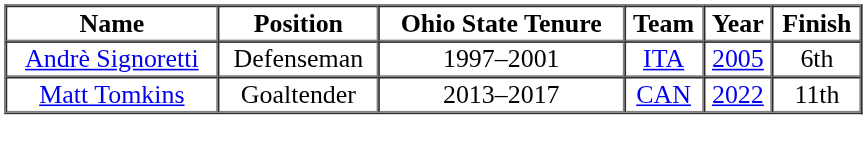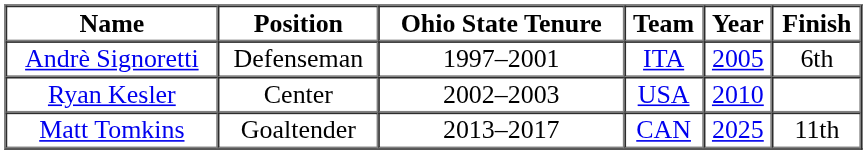 <table cellpadding="1" border="1" cellspacing="0" width="60%">
 <tr>
 <th>Name</th>
 <th>Position</th>
 <th>Ohio State Tenure</th>
 <th>Team</th>
 <th>Year</th>
 <th>Finish</th>
 </tr>
 <tr align="center">
 <td><a href='#'>Andrè Signoretti</a></td>
 <td>Defenseman</td>
 <td>1997–2001</td>
 <td> <a href='#'>ITA</a></td>
 <td><a href='#'>2005</a></td>
 <td>6th</td>
 </tr>
 <tr align="center">
+<td><a href='#'>Ryan Kesler</a></td>
+<td>Center</td>
+<td>2002–2003</td>
+<td> <a href='#'>USA</a></td>
+<td><a href='#'>2010</a></td>
+<td></td>
+</tr>
+<tr align="center">
 <td><a href='#'>Matt Tomkins</a></td>
 <td>Goaltender</td>
 <td>2013–2017</td>
 <td> <a href='#'>CAN</a></td>
-<td><a href='#'>2022</a></td>
+<td><a href='#'>2025</a></td>
 <td>11th</td>
 </tr>
 <tr align="center">
 </tr>
 </table>
